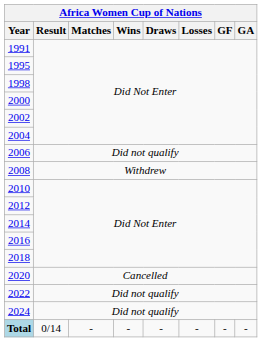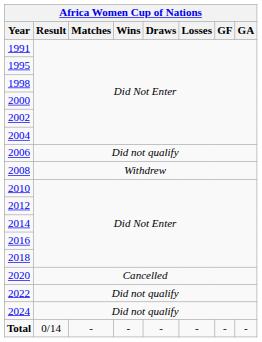 <table class="wikitable" style="text-align: center;">
 <tr>
 <th colspan=8><a href='#'>Africa Women Cup of Nations</a></th>
 </tr>
 <tr>
 <th>Year</th>
 <th>Result</th>
 <th>Matches</th>
 <th>Wins</th>
 <th>Draws</th>
 <th>Losses</th>
 <th>GF</th>
 <th>GA</th>
 </tr>
 <tr>
 <td><a href='#'>1991</a></td>
 <td rowspan=6 colspan=8><em>Did Not Enter</em></td>
 </tr>
 <tr>
 <td><a href='#'>1995</a></td>
 </tr>
 <tr>
 <td> <a href='#'>1998</a></td>
 </tr>
 <tr>
 <td> <a href='#'>2000</a></td>
 </tr>
 <tr>
 <td> <a href='#'>2002</a></td>
 </tr>
 <tr>
 <td> <a href='#'>2004</a></td>
 </tr>
 <tr>
 <td> <a href='#'>2006</a></td>
 <td colspan=8><em>Did not qualify</em></td>
 </tr>
 <tr>
 <td> <a href='#'>2008</a></td>
 <td colspan=8><em>Withdrew</em></td>
 </tr>
 <tr>
 <td> <a href='#'>2010</a></td>
 <td rowspan=5 colspan=8><em>Did Not Enter</em></td>
 </tr>
 <tr>
 <td> <a href='#'>2012</a></td>
 </tr>
 <tr>
 <td> <a href='#'>2014</a></td>
 </tr>
 <tr>
 <td> <a href='#'>2016</a></td>
 </tr>
 <tr>
 <td> <a href='#'>2018</a></td>
 </tr>
 <tr>
 <td> <a href='#'>2020</a></td>
 <td colspan=8><em>Cancelled</em></td>
 </tr>
 <tr>
 <td> <a href='#'>2022</a></td>
 <td colspan=8><em>Did not qualify</em></td>
 </tr>
 <tr>
 <td> <a href='#'>2024</a></td>
 <td colspan=8><em>Did not qualify</em></td>
 </tr>
 <tr>
-<td style="background: lightblue;"><strong>Total</strong></td>
+<td><strong>Total</strong></td>
 <td>0/14</td>
 <td>-</td>
 <td>-</td>
 <td>-</td>
 <td>-</td>
 <td>-</td>
 <td>-</td>
 </tr>
 </table>
